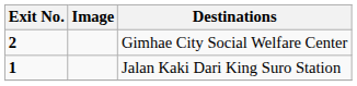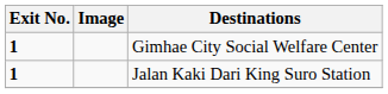 <table class="wikitable">
 <tr>
 <th>Exit No.</th>
 <th>Image</th>
 <th>Destinations</th>
 </tr>
 <tr>
-<td style="background:#"><strong>2</strong></td>
+<td style="background:#"><strong>1</strong></td>
 <td></td>
 <td>Gimhae City Social Welfare Center</td>
 </tr>
 <tr>
 <td style="background:#"><strong>1</strong></td>
 <td></td>
 <td>Jalan Kaki Dari King Suro Station</td>
 </tr>
 <tr>
 </tr>
 </table>
